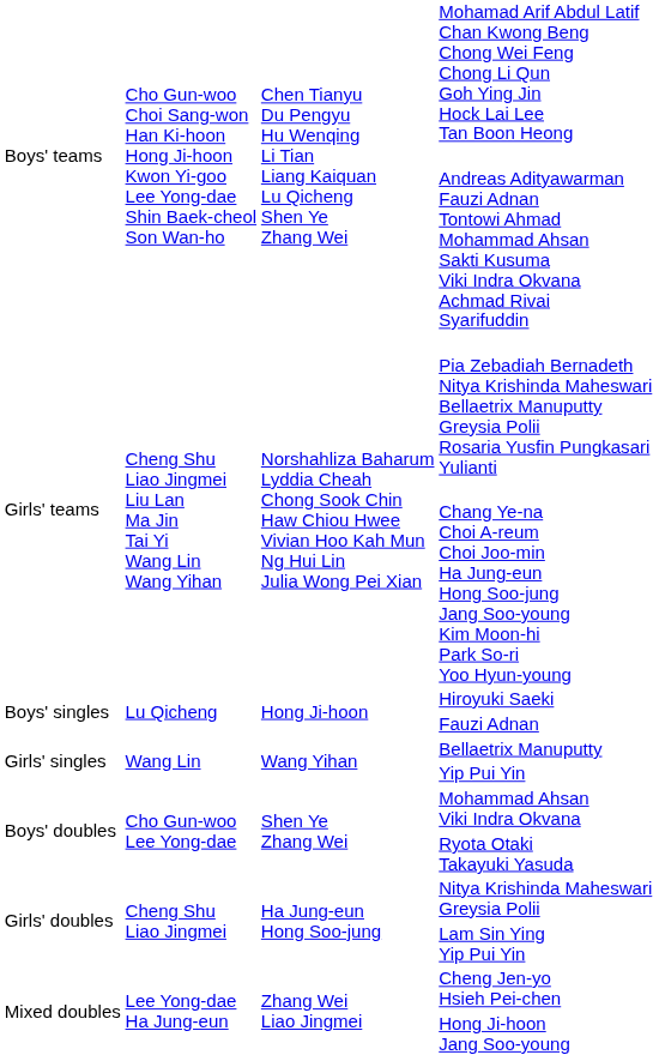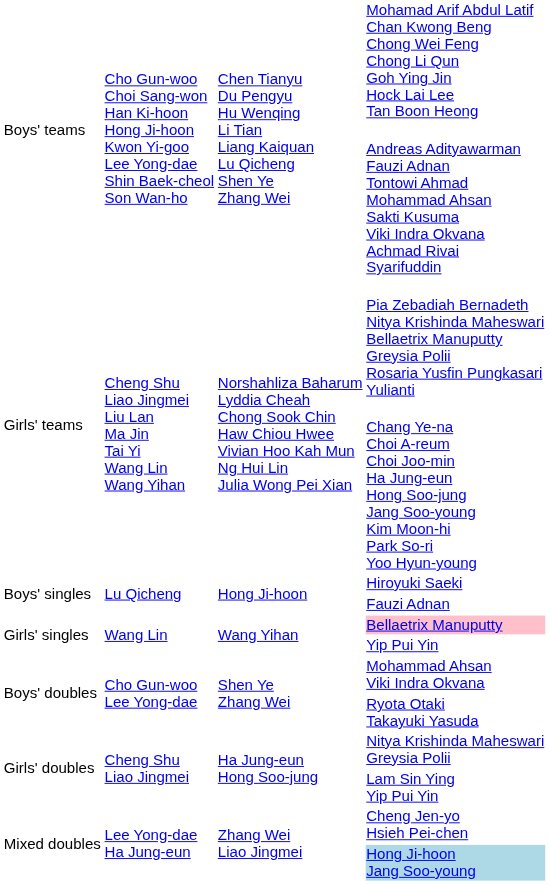 <table>
 <tr>
 <td rowspan=2>Boys' teams<br></td>
 <td rowspan=2><br><a href='#'>Cho Gun-woo</a><br><a href='#'>Choi Sang-won</a><br><a href='#'>Han Ki-hoon</a><br><a href='#'>Hong Ji-hoon</a><br><a href='#'>Kwon Yi-goo</a><br><a href='#'>Lee Yong-dae</a><br><a href='#'>Shin Baek-cheol</a><br><a href='#'>Son Wan-ho</a></td>
 <td rowspan=2><br><a href='#'>Chen Tianyu</a><br><a href='#'>Du Pengyu</a><br><a href='#'>Hu Wenqing</a><br><a href='#'>Li Tian</a><br><a href='#'>Liang Kaiquan</a><br><a href='#'>Lu Qicheng</a><br><a href='#'>Shen Ye</a><br><a href='#'>Zhang Wei</a></td>
 <td><br><a href='#'>Mohamad Arif Abdul Latif</a><br><a href='#'>Chan Kwong Beng</a><br><a href='#'>Chong Wei Feng</a><br><a href='#'>Chong Li Qun</a><br><a href='#'>Goh Ying Jin</a><br><a href='#'>Hock Lai Lee</a><br><a href='#'>Tan Boon Heong</a></td>
 </tr>
 <tr>
 <td><br><a href='#'>Andreas Adityawarman</a><br><a href='#'>Fauzi Adnan</a><br><a href='#'>Tontowi Ahmad</a><br><a href='#'>Mohammad Ahsan</a><br><a href='#'>Sakti Kusuma</a><br><a href='#'>Viki Indra Okvana</a><br><a href='#'>Achmad Rivai</a><br><a href='#'>Syarifuddin</a></td>
 </tr>
 <tr>
 <td rowspan=2>Girls' teams<br></td>
 <td rowspan=2><br><a href='#'>Cheng Shu</a><br><a href='#'>Liao Jingmei</a><br><a href='#'>Liu Lan</a><br><a href='#'>Ma Jin</a><br><a href='#'>Tai Yi</a><br><a href='#'>Wang Lin</a><br><a href='#'>Wang Yihan</a></td>
 <td rowspan=2><br><a href='#'>Norshahliza Baharum</a><br><a href='#'>Lyddia Cheah</a><br><a href='#'>Chong Sook Chin</a><br><a href='#'>Haw Chiou Hwee</a><br><a href='#'>Vivian Hoo Kah Mun</a><br><a href='#'>Ng Hui Lin</a><br><a href='#'>Julia Wong Pei Xian</a></td>
 <td><br><a href='#'>Pia Zebadiah Bernadeth</a><br><a href='#'>Nitya Krishinda Maheswari</a><br><a href='#'>Bellaetrix Manuputty</a><br><a href='#'>Greysia Polii</a><br><a href='#'>Rosaria Yusfin Pungkasari</a><br><a href='#'>Yulianti</a></td>
 </tr>
 <tr>
 <td><br><a href='#'>Chang Ye-na</a><br><a href='#'>Choi A-reum</a><br><a href='#'>Choi Joo-min</a><br><a href='#'>Ha Jung-eun</a><br><a href='#'>Hong Soo-jung</a><br><a href='#'>Jang Soo-young</a><br><a href='#'>Kim Moon-hi</a><br><a href='#'>Park So-ri</a><br><a href='#'>Yoo Hyun-young</a></td>
 </tr>
 <tr>
 <td rowspan=2>Boys' singles</td>
 <td rowspan=2> <a href='#'>Lu Qicheng</a></td>
 <td rowspan=2> <a href='#'>Hong Ji-hoon</a></td>
 <td> <a href='#'>Hiroyuki Saeki</a></td>
 </tr>
 <tr>
 <td> <a href='#'>Fauzi Adnan</a></td>
 </tr>
 <tr>
 <td rowspan=2>Girls' singles</td>
 <td rowspan=2> <a href='#'>Wang Lin</a></td>
 <td rowspan=2> <a href='#'>Wang Yihan</a></td>
-<td> <a href='#'>Bellaetrix Manuputty</a></td>
+<td style="background: pink;"> <a href='#'>Bellaetrix Manuputty</a></td>
 </tr>
 <tr>
 <td> <a href='#'>Yip Pui Yin</a></td>
 </tr>
 <tr>
 <td rowspan=2>Boys' doubles</td>
 <td rowspan=2> <a href='#'>Cho Gun-woo</a><br> <a href='#'>Lee Yong-dae</a></td>
 <td rowspan=2> <a href='#'>Shen Ye</a><br> <a href='#'>Zhang Wei</a></td>
 <td> <a href='#'>Mohammad Ahsan</a><br> <a href='#'>Viki Indra Okvana</a></td>
 </tr>
 <tr>
 <td> <a href='#'>Ryota Otaki</a><br> <a href='#'>Takayuki Yasuda</a></td>
 </tr>
 <tr>
 <td rowspan=2>Girls' doubles</td>
 <td rowspan=2> <a href='#'>Cheng Shu</a><br> <a href='#'>Liao Jingmei</a></td>
 <td rowspan=2> <a href='#'>Ha Jung-eun</a><br> <a href='#'>Hong Soo-jung</a></td>
 <td> <a href='#'>Nitya Krishinda Maheswari</a><br> <a href='#'>Greysia Polii</a></td>
 </tr>
 <tr>
 <td> <a href='#'>Lam Sin Ying</a><br> <a href='#'>Yip Pui Yin</a></td>
 </tr>
 <tr>
 <td rowspan=2>Mixed doubles</td>
 <td rowspan=2> <a href='#'>Lee Yong-dae</a><br> <a href='#'>Ha Jung-eun</a></td>
 <td rowspan=2> <a href='#'>Zhang Wei</a><br> <a href='#'>Liao Jingmei</a></td>
 <td> <a href='#'>Cheng Jen-yo</a><br> <a href='#'>Hsieh Pei-chen</a></td>
 </tr>
 <tr>
-<td> <a href='#'>Hong Ji-hoon</a><br> <a href='#'>Jang Soo-young</a></td>
+<td style="background: lightblue;"> <a href='#'>Hong Ji-hoon</a><br> <a href='#'>Jang Soo-young</a></td>
 </tr>
 </table>
